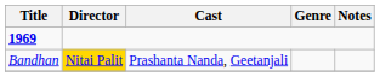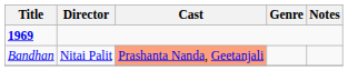 <table class="wikitable">
 <tr>
 <th>Title</th>
 <th>Director</th>
 <th>Cast</th>
 <th>Genre</th>
 <th>Notes</th>
 </tr>
 <tr>
 <td><strong><a href='#'>1969</a></strong></td>
 </tr>
 <tr>
 <td><em><a href='#'>Bandhan</a></em></td>
-<td style="background: gold;"><a href='#'>Nitai Palit</a></td>
-<td><a href='#'>Prashanta Nanda</a>, <a href='#'>Geetanjali</a></td>
+<td><a href='#'>Nitai Palit</a></td>
+<td style="background: lightsalmon;"><a href='#'>Prashanta Nanda</a>, <a href='#'>Geetanjali</a></td>
 <td></td>
 <td></td>
 </tr>
 <tr>
 </tr>
 </table>
